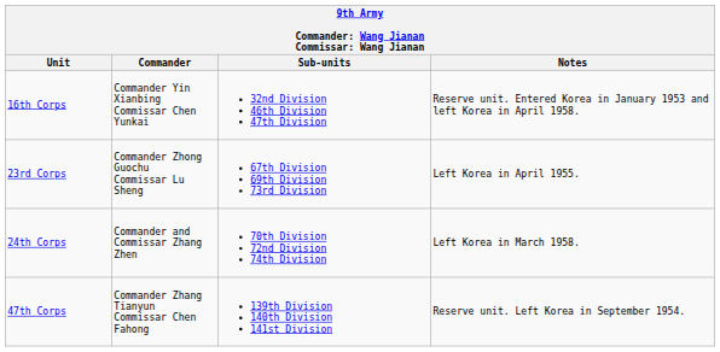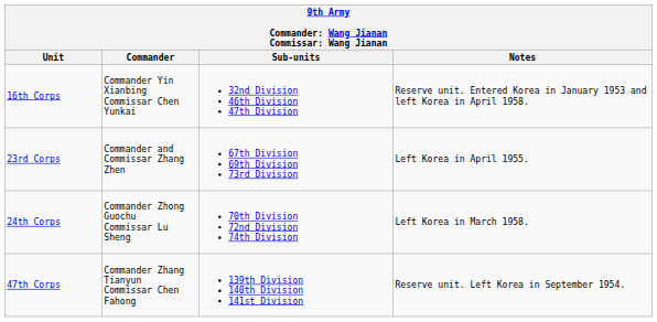 <table class="wikitable" style="width: 75%">
 <tr>
 <th colspan="4" align= center> <a href='#'>9th Army</a><br><br>Commander: <a href='#'>Wang Jianan</a><br> Commissar: Wang Jianan</th>
 </tr>
 <tr>
 <th width=15%; align= center>Unit</th>
 <th width=15%; align= center>Commander</th>
 <th width=30%; align= center>Sub-units</th>
 <th width=40%; align= center>Notes</th>
 </tr>
 <tr>
 <td><a href='#'>16th Corps</a></td>
 <td>Commander Yin Xianbing<br>Commissar Chen Yunkai</td>
 <td><br><ul><li><a href='#'>32nd Division</a></li><li><a href='#'>46th Division</a></li><li><a href='#'>47th Division</a></li></ul></td>
 <td>Reserve unit. Entered Korea in January 1953 and left Korea in April 1958.</td>
 </tr>
 <tr>
 <td><a href='#'>23rd Corps</a></td>
-<td>Commander Zhong Guochu<br>Commissar Lu Sheng</td>
+<td>Commander and Commissar Zhang Zhen</td>
 <td><br><ul><li><a href='#'>67th Division</a></li><li><a href='#'>69th Division</a></li><li><a href='#'>73rd Division</a></li></ul></td>
 <td>Left Korea in April 1955.</td>
 </tr>
 <tr>
 <td><a href='#'>24th Corps</a></td>
-<td>Commander and Commissar Zhang Zhen</td>
+<td>Commander Zhong Guochu<br>Commissar Lu Sheng</td>
 <td><br><ul><li><a href='#'>70th Division</a></li><li><a href='#'>72nd Division</a></li><li><a href='#'>74th Division</a></li></ul></td>
 <td>Left Korea in March 1958.</td>
 </tr>
 <tr>
 <td><a href='#'>47th Corps</a></td>
 <td>Commander Zhang Tianyun<br>Commissar Chen Fahong</td>
 <td><br><ul><li><a href='#'>139th Division</a></li><li><a href='#'>140th Division</a></li><li><a href='#'>141st Division</a></li></ul></td>
 <td>Reserve unit. Left Korea in September 1954.</td>
 </tr>
 </table>
